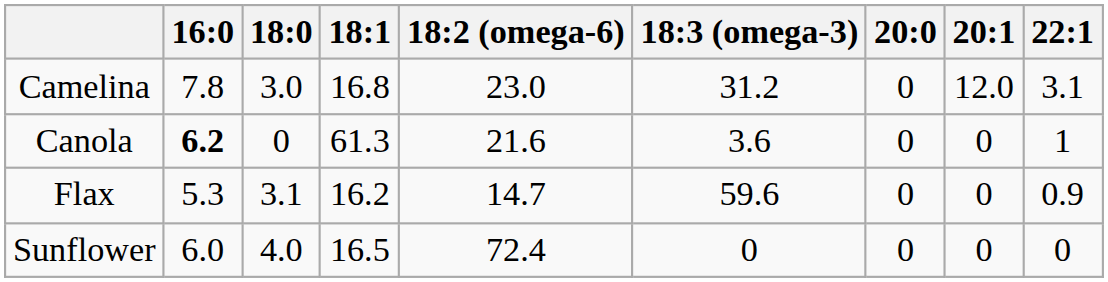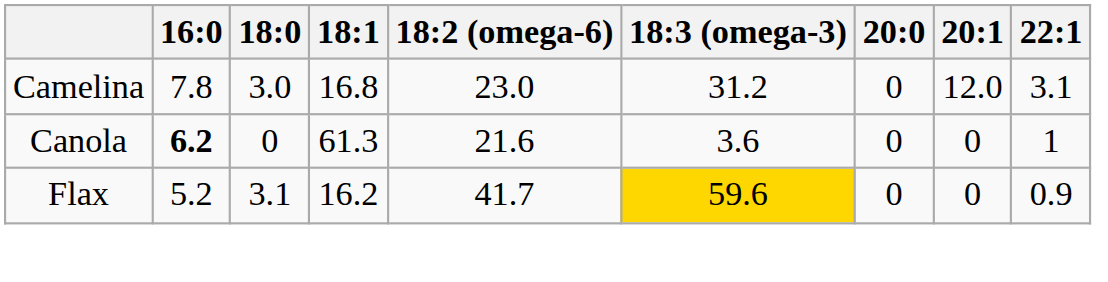 <table class="wikitable alternance centre" style="text-align:center; ???:width=80%;">
 <tr>
 <th></th>
 <th>16:0</th>
 <th>18:0</th>
 <th>18:1</th>
 <th>18:2 (omega-6)</th>
 <th>18:3 (omega-3)</th>
 <th>20:0</th>
 <th>20:1</th>
 <th>22:1</th>
 </tr>
 <tr>
 <td>Camelina</td>
 <td>7.8</td>
 <td>3.0</td>
 <td>16.8</td>
 <td>23.0</td>
 <td>31.2</td>
 <td>0</td>
 <td>12.0</td>
 <td>3.1</td>
 </tr>
 <tr>
 <td>Canola</td>
 <td><strong>6.2</strong></td>
 <td>0</td>
 <td>61.3</td>
 <td>21.6</td>
 <td>3.6</td>
 <td>0</td>
 <td>0</td>
 <td>1</td>
 </tr>
 <tr>
 <td>Flax</td>
-<td>5.3</td>
+<td>5.2</td>
 <td>3.1</td>
 <td>16.2</td>
-<td>14.7</td>
-<td>59.6</td>
+<td>41.7</td>
+<td style="background: gold;">59.6</td>
 <td>0</td>
 <td>0</td>
 <td>0.9</td>
 </tr>
-<tr>
-<td>Sunflower</td>
-<td>6.0</td>
-<td>4.0</td>
-<td>16.5</td>
-<td>72.4</td>
-<td>0</td>
-<td>0</td>
-<td>0</td>
-<td>0</td>
-</tr>
 </table>
